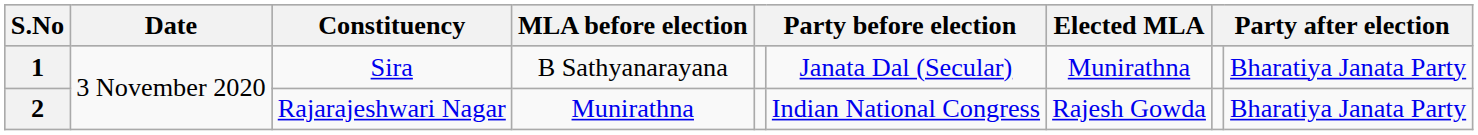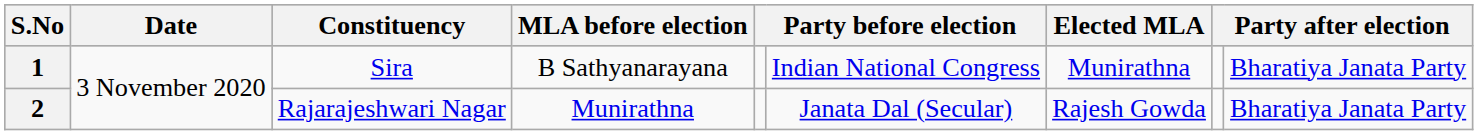 <table class="wikitable sortable" style="text-align:center;">
 <tr>
 <th>S.No</th>
 <th>Date</th>
 <th>Constituency</th>
 <th>MLA before election</th>
 <th colspan="2">Party before election</th>
 <th>Elected MLA</th>
 <th colspan="2">Party after election</th>
 </tr>
 <tr>
 <th>1</th>
 <td rowspan="2">3 November 2020</td>
 <td><a href='#'>Sira</a></td>
 <td>B Sathyanarayana</td>
 <td></td>
-<td><a href='#'>Janata Dal (Secular)</a></td>
+<td><a href='#'>Indian National Congress</a></td>
 <td><a href='#'>Munirathna</a></td>
 <td></td>
 <td><a href='#'>Bharatiya Janata Party</a></td>
 </tr>
 <tr>
 <th>2</th>
 <td><a href='#'>Rajarajeshwari Nagar</a></td>
 <td><a href='#'>Munirathna</a></td>
 <td></td>
-<td><a href='#'>Indian National Congress</a></td>
+<td><a href='#'>Janata Dal (Secular)</a></td>
 <td><a href='#'>Rajesh Gowda</a></td>
 <td></td>
 <td><a href='#'>Bharatiya Janata Party</a></td>
 </tr>
 </table>
